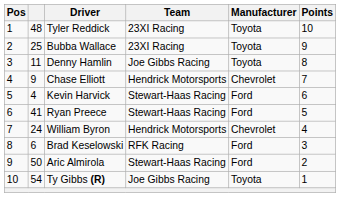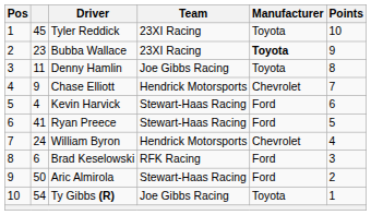 <table class="wikitable" style="font-size:98%">
 <tr>
 <th>Pos</th>
 <th></th>
 <th>Driver</th>
 <th>Team</th>
 <th>Manufacturer</th>
 <th>Points</th>
 </tr>
 <tr>
 <td>1</td>
-<td>48</td>
+<td>45</td>
 <td>Tyler Reddick</td>
 <td>23XI Racing</td>
 <td>Toyota</td>
 <td>10</td>
 </tr>
 <tr>
 <td>2</td>
-<td>25</td>
+<td>23</td>
 <td>Bubba Wallace</td>
 <td>23XI Racing</td>
-<td>Toyota</td>
+<td><strong>Toyota</strong></td>
 <td>9</td>
 </tr>
 <tr>
 <td>3</td>
 <td>11</td>
 <td>Denny Hamlin</td>
 <td>Joe Gibbs Racing</td>
 <td>Toyota</td>
 <td>8</td>
 </tr>
 <tr>
 <td>4</td>
 <td>9</td>
 <td>Chase Elliott</td>
 <td>Hendrick Motorsports</td>
 <td>Chevrolet</td>
 <td>7</td>
 </tr>
 <tr>
 <td>5</td>
 <td>4</td>
 <td>Kevin Harvick</td>
 <td>Stewart-Haas Racing</td>
 <td>Ford</td>
 <td>6</td>
 </tr>
 <tr>
 <td>6</td>
 <td>41</td>
 <td>Ryan Preece</td>
 <td>Stewart-Haas Racing</td>
 <td>Ford</td>
 <td>5</td>
 </tr>
 <tr>
 <td>7</td>
 <td>24</td>
 <td>William Byron</td>
 <td>Hendrick Motorsports</td>
 <td>Chevrolet</td>
 <td>4</td>
 </tr>
 <tr>
 <td>8</td>
 <td>6</td>
 <td>Brad Keselowski</td>
 <td>RFK Racing</td>
 <td>Ford</td>
 <td>3</td>
 </tr>
 <tr>
 <td>9</td>
 <td>50</td>
 <td>Aric Almirola</td>
 <td>Stewart-Haas Racing</td>
 <td>Ford</td>
 <td>2</td>
 </tr>
 <tr>
 <td>10</td>
 <td>54</td>
 <td>Ty Gibbs <strong>(R)</strong></td>
 <td>Joe Gibbs Racing</td>
 <td>Toyota</td>
 <td>1</td>
 </tr>
 <tr>
 <th colspan="6"></th>
 </tr>
 </table>
